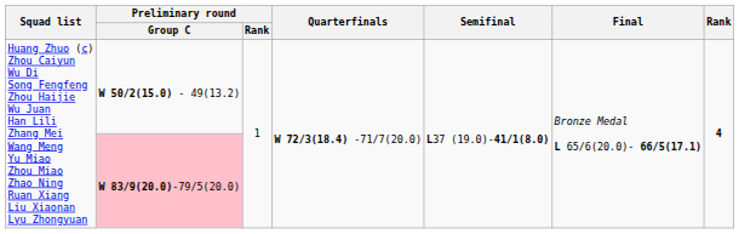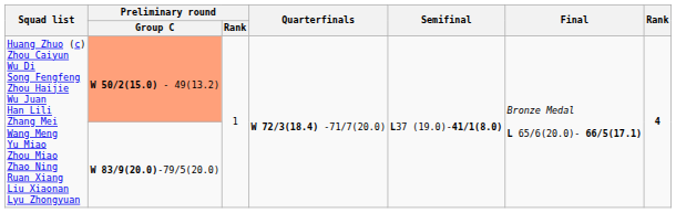 <table class="wikitable"style="text-align:left; font-size:90%">
 <tr>
 <th rowspan="2">Squad list</th>
 <th colspan="2">Preliminary round</th>
 <th rowspan="2">Quarterfinals</th>
 <th rowspan="2">Semifinal</th>
 <th rowspan="2">Final</th>
 <th rowspan="2">Rank</th>
 </tr>
 <tr>
 <th>Group C</th>
 <th>Rank</th>
 </tr>
 <tr>
 <td rowspan=2><a href='#'>Huang Zhuo</a> (<a href='#'>c</a>)<br><a href='#'>Zhou Caiyun</a><br><a href='#'>Wu Di</a><br><a href='#'>Song Fengfeng</a><br><a href='#'>Zhou Haijie</a><br><a href='#'>Wu Juan</a><br><a href='#'>Han Lili</a><br><a href='#'>Zhang Mei</a><br><a href='#'>Wang Meng</a><br><a href='#'>Yu Miao</a><br><a href='#'>Zhou Miao</a><br><a href='#'>Zhao Ning</a><br><a href='#'>Ruan Xiang</a><br><a href='#'>Liu Xiaonan</a><br><a href='#'>Lyu Zhongyuan</a></td>
-<td><br><strong>W</strong> <strong>50/2(15.0)</strong> - 49(13.2)</td>
+<td style="background: lightsalmon;"><br><strong>W</strong> <strong>50/2(15.0)</strong> - 49(13.2)</td>
 <td rowspan="2" style="text-align:center;">1 <strong></strong></td>
 <td rowspan=2><br><strong>W</strong> <strong>72/3(18.4)</strong> -71/7(20.0)</td>
 <td rowspan=2><br><strong>L</strong>37 (19.0)-<strong>41/1(8.0)</strong></td>
 <td rowspan=2><em>Bronze Medal</em><br><br><strong>L</strong> 65/6(20.0)- <strong>66/5(17.1)</strong></td>
 <td rowspan="2" style="text-align:center;"><strong>4</strong></td>
 </tr>
 <tr>
-<td style="background: pink;"><br><strong>W</strong> <strong>83/9(20.0)</strong>-79/5(20.0)</td>
+<td><br><strong>W</strong> <strong>83/9(20.0)</strong>-79/5(20.0)</td>
 </tr>
 </table>
